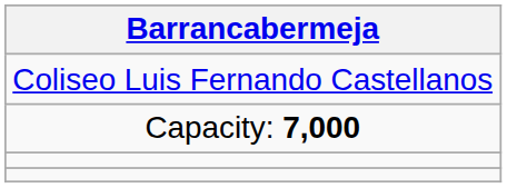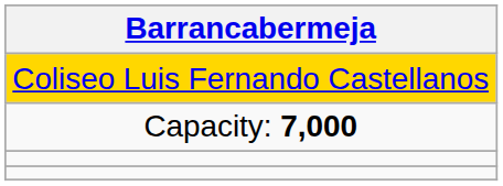 <table class="wikitable" style="text-align:center">
 <tr>
 <th><a href='#'>Barrancabermeja</a></th>
 </tr>
 <tr>
-<td><a href='#'>Coliseo Luis Fernando Castellanos</a></td>
+<td style="background: gold;"><a href='#'>Coliseo Luis Fernando Castellanos</a></td>
 </tr>
 <tr>
 <td>Capacity: <strong>7,000</strong></td>
 </tr>
 <tr>
 <td align="center"></td>
 </tr>
 <tr>
 <td></td>
 </tr>
 </table>
